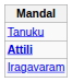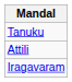 <table class="wikitable sortable static-row-numbers static-row-header-hash">
 <tr>
 <th>Mandal</th>
 </tr>
 <tr>
 <td><a href='#'>Tanuku</a></td>
 </tr>
 <tr>
-<td><strong><a href='#'>Attili</a></strong></td>
+<td><a href='#'>Attili</a></td>
 </tr>
 <tr>
 <td><a href='#'>Iragavaram</a></td>
 </tr>
 </table>
